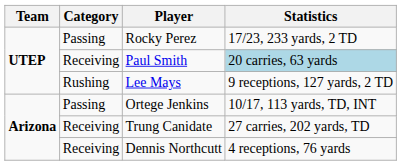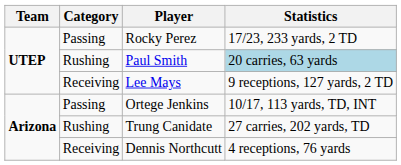 <table class="wikitable" style="float: right;">
 <tr>
 <th>Team</th>
 <th>Category</th>
 <th>Player</th>
 <th>Statistics</th>
 </tr>
 <tr>
 <td rowspan=3><strong>UTEP</strong></td>
 <td>Passing</td>
 <td>Rocky Perez</td>
 <td>17/23, 233 yards, 2 TD</td>
 </tr>
 <tr>
-<td>Receiving</td>
+<td>Rushing</td>
 <td><a href='#'>Paul Smith</a></td>
 <td style="background: lightblue;">20 carries, 63 yards</td>
 </tr>
 <tr>
-<td>Rushing</td>
+<td>Receiving</td>
 <td><a href='#'>Lee Mays</a></td>
 <td>9 receptions, 127 yards, 2 TD</td>
 </tr>
 <tr>
 <td rowspan=3><strong>Arizona</strong></td>
 <td>Passing</td>
 <td>Ortege Jenkins</td>
 <td>10/17, 113 yards, TD, INT</td>
 </tr>
 <tr>
-<td>Receiving</td>
+<td>Rushing</td>
 <td>Trung Canidate</td>
 <td>27 carries, 202 yards, TD</td>
 </tr>
 <tr>
 <td>Receiving</td>
 <td>Dennis Northcutt</td>
 <td>4 receptions, 76 yards</td>
 </tr>
 </table>
